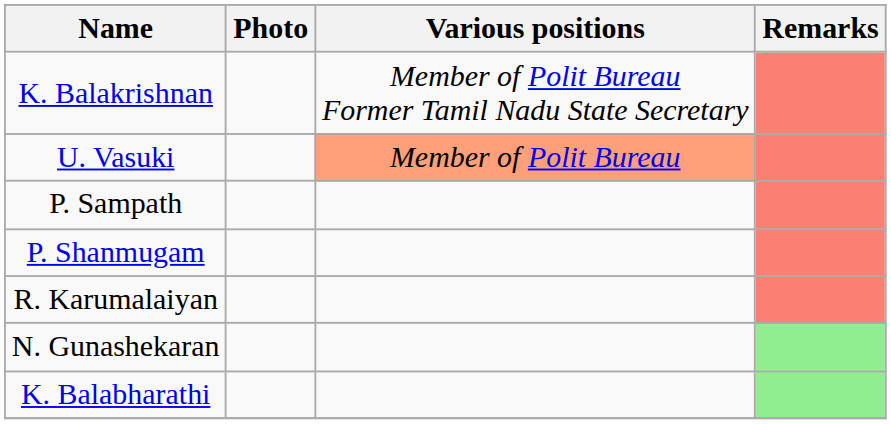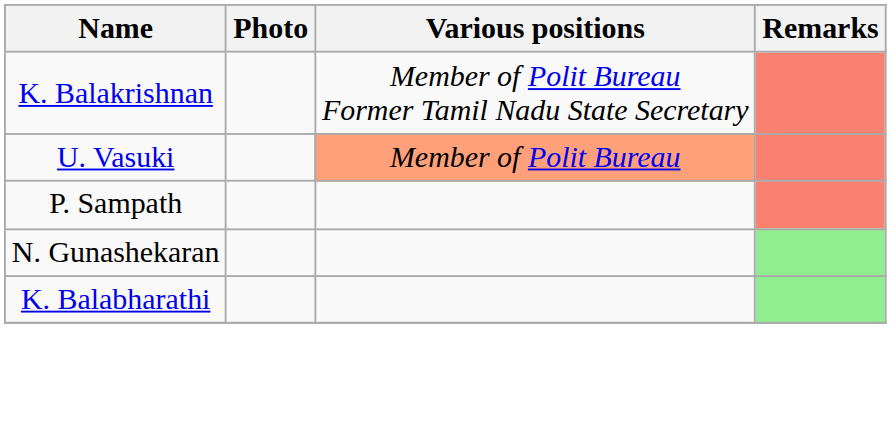 <table class="wikitable sortable" style="text-align:center">
 <tr>
 <th Style="background-color:">Name</th>
 <th Style="background-color:">Photo</th>
 <th Style="background-color:">Various positions</th>
 <th Style="background-color:">Remarks</th>
 </tr>
 <tr>
 <td><a href='#'>K. Balakrishnan</a></td>
 <td></td>
 <td><em>Member of <a href='#'>Polit Bureau</a></em><br> <em>Former Tamil Nadu State Secretary</em></td>
 <td bgcolor = Salmon></td>
 </tr>
 <tr>
 <td><a href='#'>U. Vasuki</a></td>
 <td></td>
 <td style="background: lightsalmon;"><em>Member of <a href='#'>Polit Bureau</a></em></td>
 <td bgcolor = Salmon></td>
 </tr>
 <tr>
 <td>P. Sampath</td>
 <td></td>
 <td></td>
 <td bgcolor = Salmon></td>
 </tr>
 <tr>
-<td><a href='#'>P. Shanmugam</a></td>
-<td></td>
-<td></td>
-<td bgcolor = Salmon></td>
-</tr>
-<tr>
-<td>R. Karumalaiyan</td>
-<td></td>
-<td></td>
-<td bgcolor = Salmon></td>
-</tr>
-<tr>
 <td>N. Gunashekaran</td>
 <td></td>
 <td></td>
 <td bgcolor = LightGreen></td>
 </tr>
 <tr>
 <td><a href='#'>K. Balabharathi</a></td>
 <td></td>
 <td></td>
 <td bgcolor = LightGreen></td>
 </tr>
 <tr>
 </tr>
 </table>
